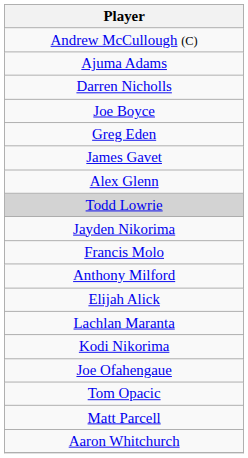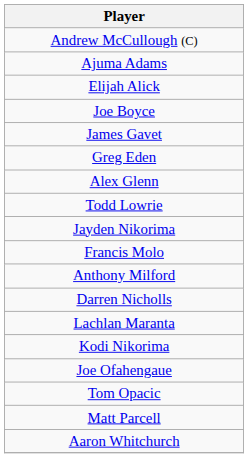 <table class="wikitable" style="text-align: center;">
 <tr>
 <th style="width:250px;">Player</th>
 </tr>
 <tr>
 <td><a href='#'>Andrew McCullough</a> <small>(C)</small></td>
 </tr>
 <tr>
 <td><a href='#'>Ajuma Adams</a></td>
 </tr>
 <tr>
-<td><a href='#'>Darren Nicholls</a></td>
+<td><a href='#'>Elijah Alick</a></td>
 </tr>
 <tr>
 <td><a href='#'>Joe Boyce</a></td>
 </tr>
 <tr>
-<td><a href='#'>Greg Eden</a></td>
+<td><a href='#'>James Gavet</a></td>
 </tr>
 <tr>
-<td><a href='#'>James Gavet</a></td>
+<td><a href='#'>Greg Eden</a></td>
 </tr>
 <tr>
 <td><a href='#'>Alex Glenn</a></td>
 </tr>
 <tr>
-<td style="background: lightgrey;"><a href='#'>Todd Lowrie</a></td>
+<td><a href='#'>Todd Lowrie</a></td>
 </tr>
 <tr>
 <td><a href='#'>Jayden Nikorima</a></td>
 </tr>
 <tr>
 <td><a href='#'>Francis Molo</a></td>
 </tr>
 <tr>
 <td><a href='#'>Anthony Milford</a></td>
 </tr>
 <tr>
-<td><a href='#'>Elijah Alick</a></td>
+<td><a href='#'>Darren Nicholls</a></td>
 </tr>
 <tr>
 <td><a href='#'>Lachlan Maranta</a></td>
 </tr>
 <tr>
 <td><a href='#'>Kodi Nikorima</a></td>
 </tr>
 <tr>
 <td><a href='#'>Joe Ofahengaue</a></td>
 </tr>
 <tr>
 <td><a href='#'>Tom Opacic</a></td>
 </tr>
 <tr>
 <td><a href='#'>Matt Parcell</a></td>
 </tr>
 <tr>
 <td><a href='#'>Aaron Whitchurch</a></td>
 </tr>
 <tr>
 </tr>
 </table>
